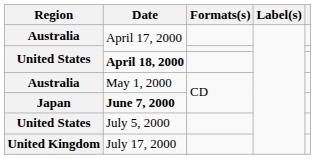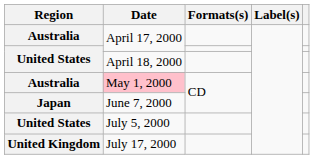 <table class="wikitable plainrowheaders">
 <tr>
 <th scope="col">Region</th>
 <th scope="col">Date</th>
 <th scope="col">Formats(s)</th>
 <th scope="col">Label(s)</th>
 <th scope="col"></th>
 </tr>
 <tr>
 <th scope="row">Australia</th>
 <td rowspan="2">April 17, 2000</td>
 <td></td>
 <td rowspan="7"></td>
 <td align="center"></td>
 </tr>
 <tr>
 <th scope="row" rowspan="2">United States</th>
 <td></td>
 <td align="center"></td>
 </tr>
 <tr>
-<td><strong>April 18, 2000</strong></td>
+<td>April 18, 2000</td>
 <td></td>
 <td align="center"></td>
 </tr>
 <tr>
 <th scope="row">Australia</th>
-<td>May 1, 2000</td>
+<td style="background: pink;">May 1, 2000</td>
 <td rowspan="2">CD</td>
 <td align="center"></td>
 </tr>
 <tr>
 <th scope="row">Japan</th>
-<td><strong>June 7, 2000</strong></td>
+<td>June 7, 2000</td>
 <td align="center"></td>
 </tr>
 <tr>
 <th scope="row">United States</th>
 <td>July 5, 2000</td>
 <td></td>
 <td align="center"></td>
 </tr>
 <tr>
 <th scope="row">United Kingdom</th>
 <td>July 17, 2000</td>
 <td></td>
 <td align="center"></td>
 </tr>
 </table>
